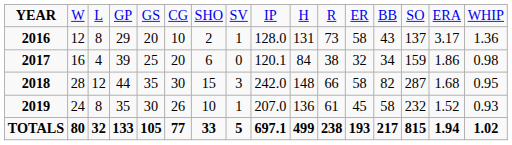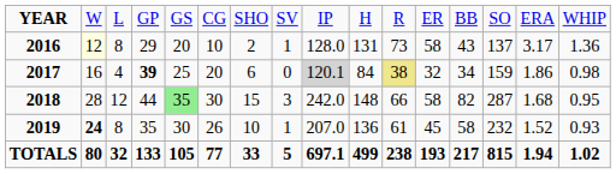 <table class="wikitable">
 <tr align=center>
 <td><strong>YEAR</strong></td>
 <td><a href='#'>W</a></td>
 <td><a href='#'>L</a></td>
 <td><a href='#'>GP</a></td>
 <td><a href='#'>GS</a></td>
 <td><a href='#'>CG</a></td>
 <td><a href='#'>SHO</a></td>
 <td><a href='#'>SV</a></td>
 <td><a href='#'>IP</a></td>
 <td><a href='#'>H</a></td>
 <td><a href='#'>R</a></td>
 <td><a href='#'>ER</a></td>
 <td><a href='#'>BB</a></td>
 <td><a href='#'>SO</a></td>
 <td><a href='#'>ERA</a></td>
 <td><a href='#'>WHIP</a></td>
 </tr>
 <tr align=center>
 <td><strong>2016</strong></td>
-<td>12</td>
+<td style="background: lightyellow;">12</td>
 <td>8</td>
 <td>29</td>
 <td>20</td>
 <td>10</td>
 <td>2</td>
 <td>1</td>
 <td>128.0</td>
 <td>131</td>
 <td>73</td>
 <td>58</td>
 <td>43</td>
 <td>137</td>
 <td>3.17</td>
 <td>1.36</td>
 </tr>
 <tr align=center>
 <td><strong>2017</strong></td>
 <td>16</td>
 <td>4</td>
-<td>39</td>
+<td><strong>39</strong></td>
 <td>25</td>
 <td>20</td>
 <td>6</td>
 <td>0</td>
-<td>120.1</td>
+<td style="background: lightgrey;">120.1</td>
 <td>84</td>
-<td>38</td>
+<td style="background: khaki;">38</td>
 <td>32</td>
 <td>34</td>
 <td>159</td>
 <td>1.86</td>
 <td>0.98</td>
 </tr>
 <tr align=center>
 <td><strong>2018</strong></td>
 <td>28</td>
 <td>12</td>
 <td>44</td>
-<td>35</td>
+<td style="background: lightgreen;">35</td>
 <td>30</td>
 <td>15</td>
 <td>3</td>
 <td>242.0</td>
 <td>148</td>
 <td>66</td>
 <td>58</td>
 <td>82</td>
 <td>287</td>
 <td>1.68</td>
 <td>0.95</td>
 </tr>
 <tr align=center>
 <td><strong>2019</strong></td>
-<td>24</td>
+<td><strong>24</strong></td>
 <td>8</td>
 <td>35</td>
 <td>30</td>
 <td>26</td>
 <td>10</td>
 <td>1</td>
 <td>207.0</td>
 <td>136</td>
 <td>61</td>
 <td>45</td>
 <td>58</td>
 <td>232</td>
 <td>1.52</td>
 <td>0.93</td>
 </tr>
 <tr align=center>
 <td><strong>TOTALS</strong></td>
 <td><strong>80</strong></td>
 <td><strong>32</strong></td>
 <td><strong>133</strong></td>
 <td><strong>105</strong></td>
 <td><strong>77</strong></td>
 <td><strong>33</strong></td>
 <td><strong>5</strong></td>
 <td><strong>697.1</strong></td>
 <td><strong>499</strong></td>
 <td><strong>238</strong></td>
 <td><strong>193</strong></td>
 <td><strong>217</strong></td>
 <td><strong>815</strong></td>
 <td><strong>1.94</strong></td>
 <td><strong>1.02</strong></td>
 </tr>
 </table>
